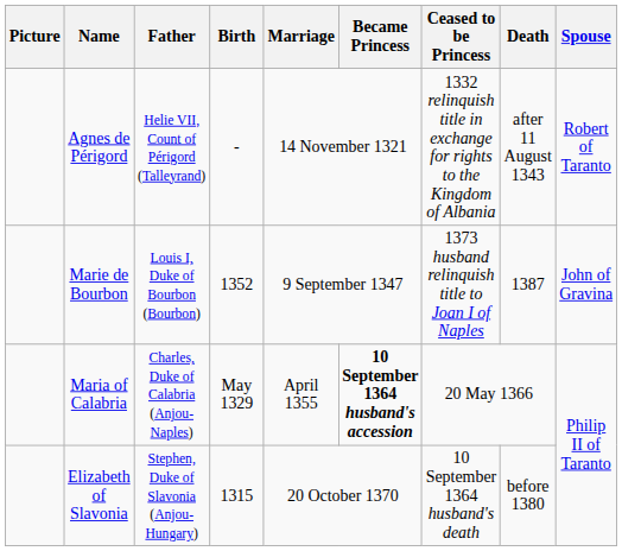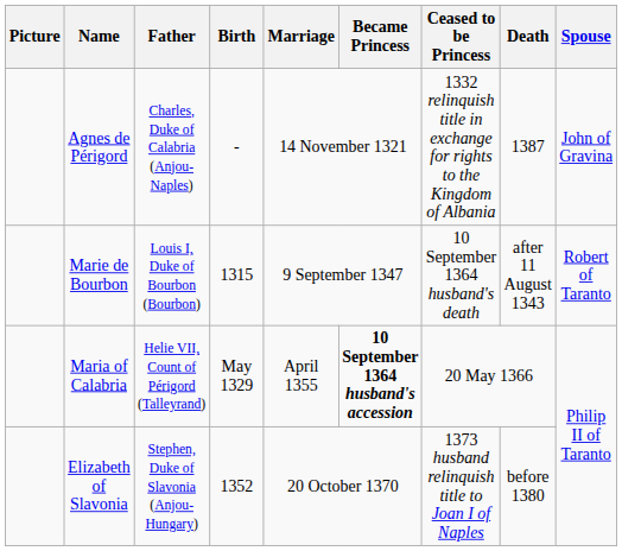 <table style="width:95%;" class="wikitable">
 <tr>
 <th style="width:8%;">Picture</th>
 <th style="width:10%;">Name</th>
 <th style="width:9%;">Father</th>
 <th style="width:10%;">Birth</th>
 <th style="width:9%;">Marriage</th>
 <th style="width:9%;">Became Princess</th>
 <th style="width:9%;">Ceased to be Princess</th>
 <th style="width:9%;">Death</th>
 <th style="width:6%;"><a href='#'>Spouse</a></th>
 </tr>
 <tr>
 <td style="text-align:center;"></td>
 <td style="text-align:center;"><a href='#'>Agnes de Périgord</a></td>
-<td style="text-align:center;"><small><a href='#'>Helie VII, Count of Périgord</a><br>(<a href='#'>Talleyrand</a>)</small></td>
+<td style="text-align:center;"><small><a href='#'>Charles, Duke of Calabria</a><br>(<a href='#'>Anjou-Naples</a>)</small></td>
 <td style="text-align:center;">-</td>
 <td style="text-align:center;" colspan="2">14 November 1321</td>
 <td style="text-align:center;">1332<br><em>relinquish title in exchange for rights to the Kingdom of Albania</em></td>
+<td style="text-align:center;">1387</td>
+<td style="text-align:center;"><a href='#'>John of Gravina</a></td>
+</tr>
+<tr>
+<td style="text-align:center;"></td>
+<td style="text-align:center;"><a href='#'>Marie de Bourbon</a></td>
+<td style="text-align:center;"><small><a href='#'>Louis I, Duke of Bourbon</a><br>(<a href='#'>Bourbon</a>)</small></td>
+<td style="text-align:center;">1315</td>
+<td style="text-align:center;" colspan="2">9 September 1347</td>
+<td style="text-align:center;">10 September 1364<br><em>husband's death</em></td>
 <td style="text-align:center;">after 11 August 1343</td>
 <td style="text-align:center;"><a href='#'>Robert of Taranto</a></td>
 </tr>
 <tr>
 <td style="text-align:center;"></td>
-<td style="text-align:center;"><a href='#'>Marie de Bourbon</a></td>
-<td style="text-align:center;"><small><a href='#'>Louis I, Duke of Bourbon</a><br>(<a href='#'>Bourbon</a>)</small></td>
-<td style="text-align:center;">1352</td>
-<td style="text-align:center;" colspan="2">9 September 1347</td>
-<td style="text-align:center;">1373<br><em>husband relinquish title to <a href='#'>Joan I of Naples</a></em></td>
-<td style="text-align:center;">1387</td>
-<td style="text-align:center;"><a href='#'>John of Gravina</a></td>
-</tr>
-<tr>
-<td style="text-align:center;"></td>
 <td style="text-align:center;"><a href='#'>Maria of Calabria</a></td>
-<td style="text-align:center;"><small><a href='#'>Charles, Duke of Calabria</a><br>(<a href='#'>Anjou-Naples</a>)</small></td>
+<td style="text-align:center;"><small><a href='#'>Helie VII, Count of Périgord</a><br>(<a href='#'>Talleyrand</a>)</small></td>
 <td style="text-align:center;">May 1329</td>
 <td style="text-align:center;">April 1355</td>
 <td style="text-align:center;"><strong>10 September 1364<br><em>husband's accession</em></strong></td>
 <td style="text-align:center;" colspan="2">20 May 1366</td>
 <td style="text-align:center;" rowspan="2"><a href='#'>Philip II of Taranto</a></td>
 </tr>
 <tr>
 <td style="text-align:center;"></td>
 <td style="text-align:center;"><a href='#'>Elizabeth of Slavonia</a></td>
 <td style="text-align:center;"><small><a href='#'>Stephen, Duke of Slavonia</a><br>(<a href='#'>Anjou-Hungary</a>)</small></td>
-<td style="text-align:center;">1315</td>
+<td style="text-align:center;">1352</td>
 <td style="text-align:center;" colspan="2">20 October 1370</td>
-<td style="text-align:center;">10 September 1364<br><em>husband's death</em></td>
+<td style="text-align:center;">1373<br><em>husband relinquish title to <a href='#'>Joan I of Naples</a></em></td>
 <td style="text-align:center;">before 1380</td>
 </tr>
 </table>
